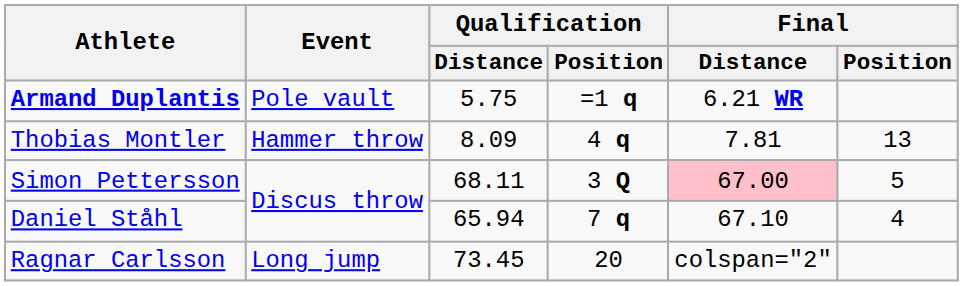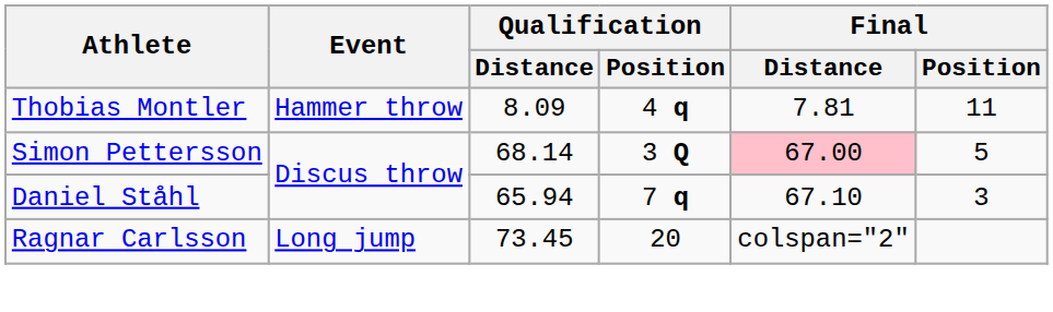 <table class="wikitable" style="font-size:90%">
 <tr>
 <th rowspan="2">Athlete</th>
 <th rowspan="2">Event</th>
 <th colspan="2">Qualification</th>
 <th colspan="2">Final</th>
 </tr>
 <tr style="font-size:95%">
 <th>Distance</th>
 <th>Position</th>
 <th>Distance</th>
 <th>Position</th>
 </tr>
 <tr align="center">
-<td align="left"><strong><a href='#'>Armand Duplantis</a></strong></td>
-<td align="left"><a href='#'>Pole vault</a></td>
-<td>5.75</td>
-<td>=1 <strong>q</strong></td>
-<td>6.21 <strong><a href='#'>WR</a></strong></td>
-<td></td>
-</tr>
-<tr align="center">
 <td align="left"><a href='#'>Thobias Montler</a></td>
 <td align="left"><a href='#'>Hammer throw</a></td>
 <td>8.09</td>
 <td>4 <strong>q</strong></td>
 <td>7.81</td>
-<td>13</td>
+<td>11</td>
 </tr>
 <tr align="center">
 <td align="left"><a href='#'>Simon Pettersson</a></td>
 <td rowspan="2" align="left"><a href='#'>Discus throw</a></td>
-<td>68.11 </td>
+<td>68.14 </td>
 <td>3 <strong>Q</strong></td>
 <td style="background: pink;">67.00</td>
 <td>5</td>
 </tr>
 <tr align="center">
 <td align="left"><a href='#'>Daniel Ståhl</a></td>
 <td>65.94</td>
 <td>7 <strong>q</strong></td>
 <td>67.10</td>
-<td>4</td>
+<td>3</td>
 </tr>
 <tr align="center">
 <td align="left"><a href='#'>Ragnar Carlsson</a></td>
 <td align="left"><a href='#'>Long jump</a></td>
 <td>73.45</td>
 <td>20</td>
 <td>colspan="2" </td>
 </tr>
 </table>
